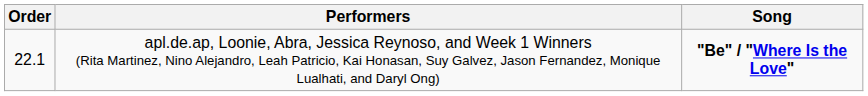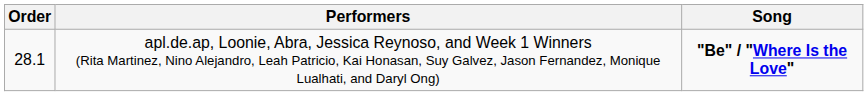 <table class="wikitable" style="text-align:center;">
 <tr>
 <th>Order</th>
 <th>Performers</th>
 <th>Song</th>
 </tr>
 <tr>
-<td>22.1</td>
+<td>28.1</td>
 <td>apl.de.ap, Loonie, Abra, Jessica Reynoso, and Week 1 Winners<br><small>(Rita Martinez, Nino Alejandro, Leah Patricio, Kai Honasan, Suy Galvez, Jason Fernandez, Monique Lualhati, and Daryl Ong)</small></td>
 <td><strong>"Be" / "<a href='#'>Where Is the Love</a>"</strong></td>
 </tr>
 </table>
